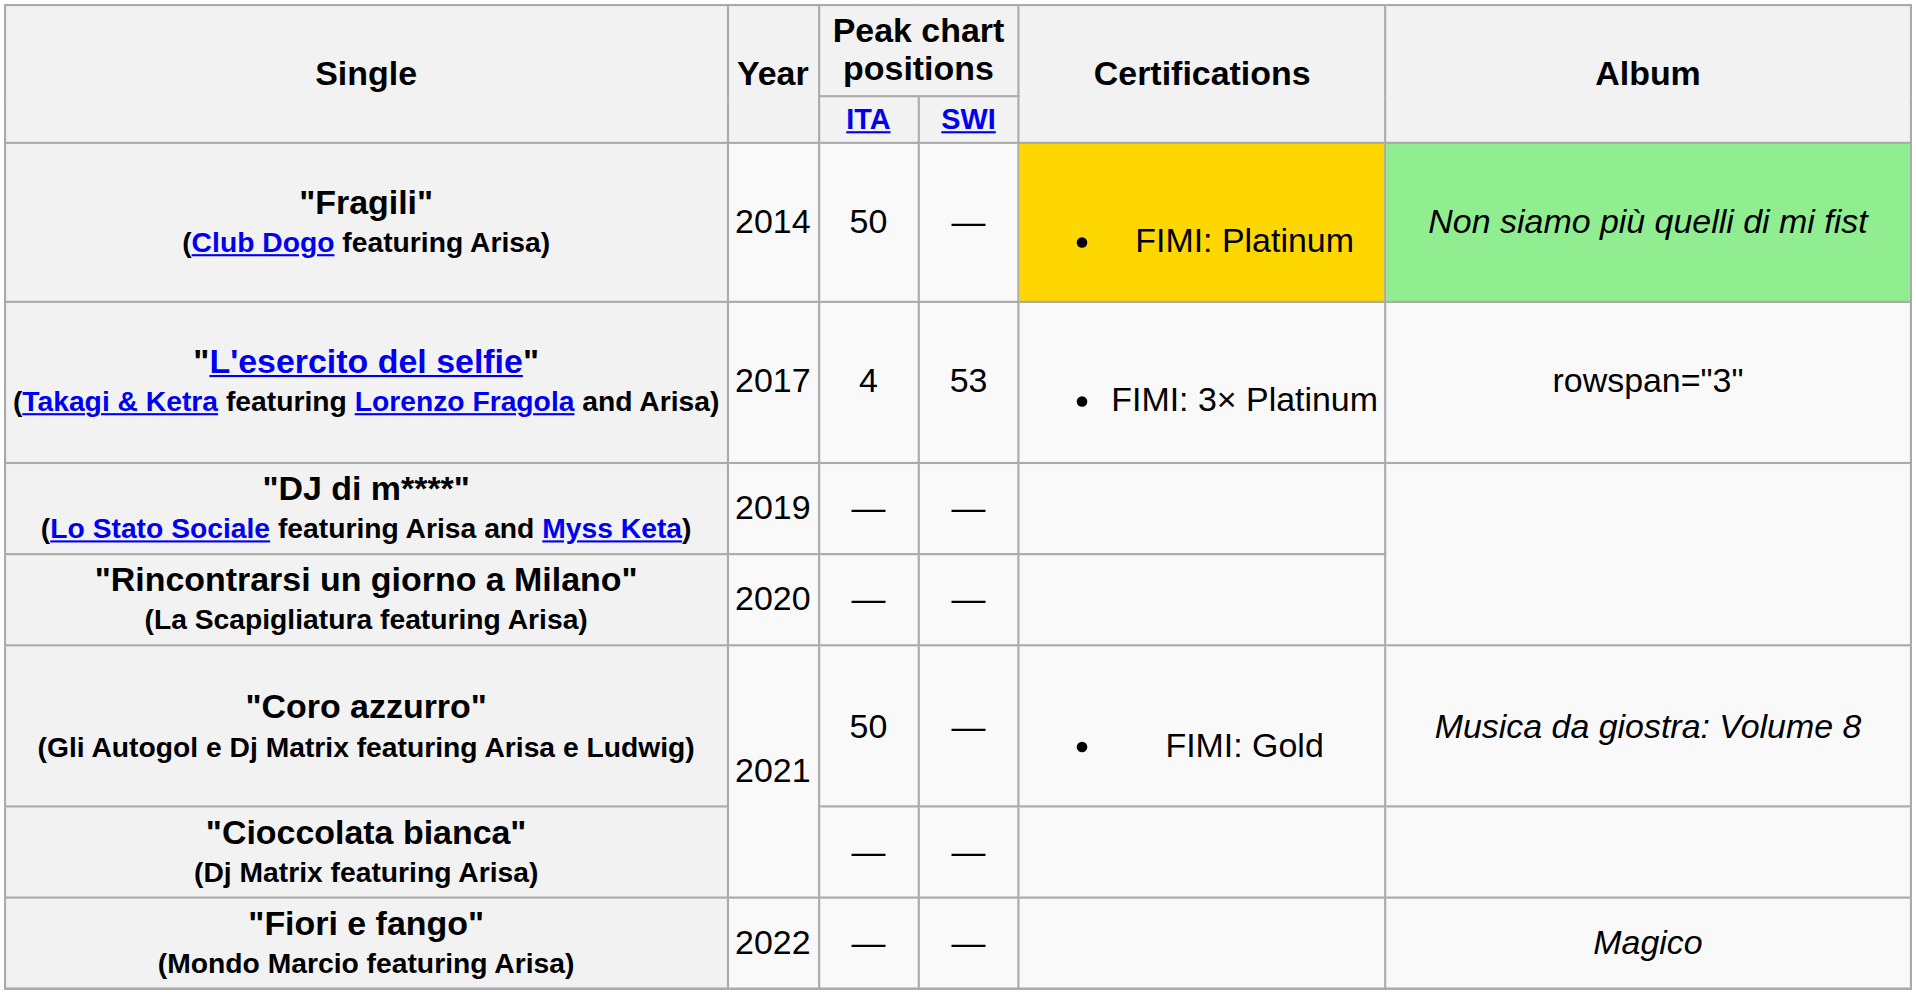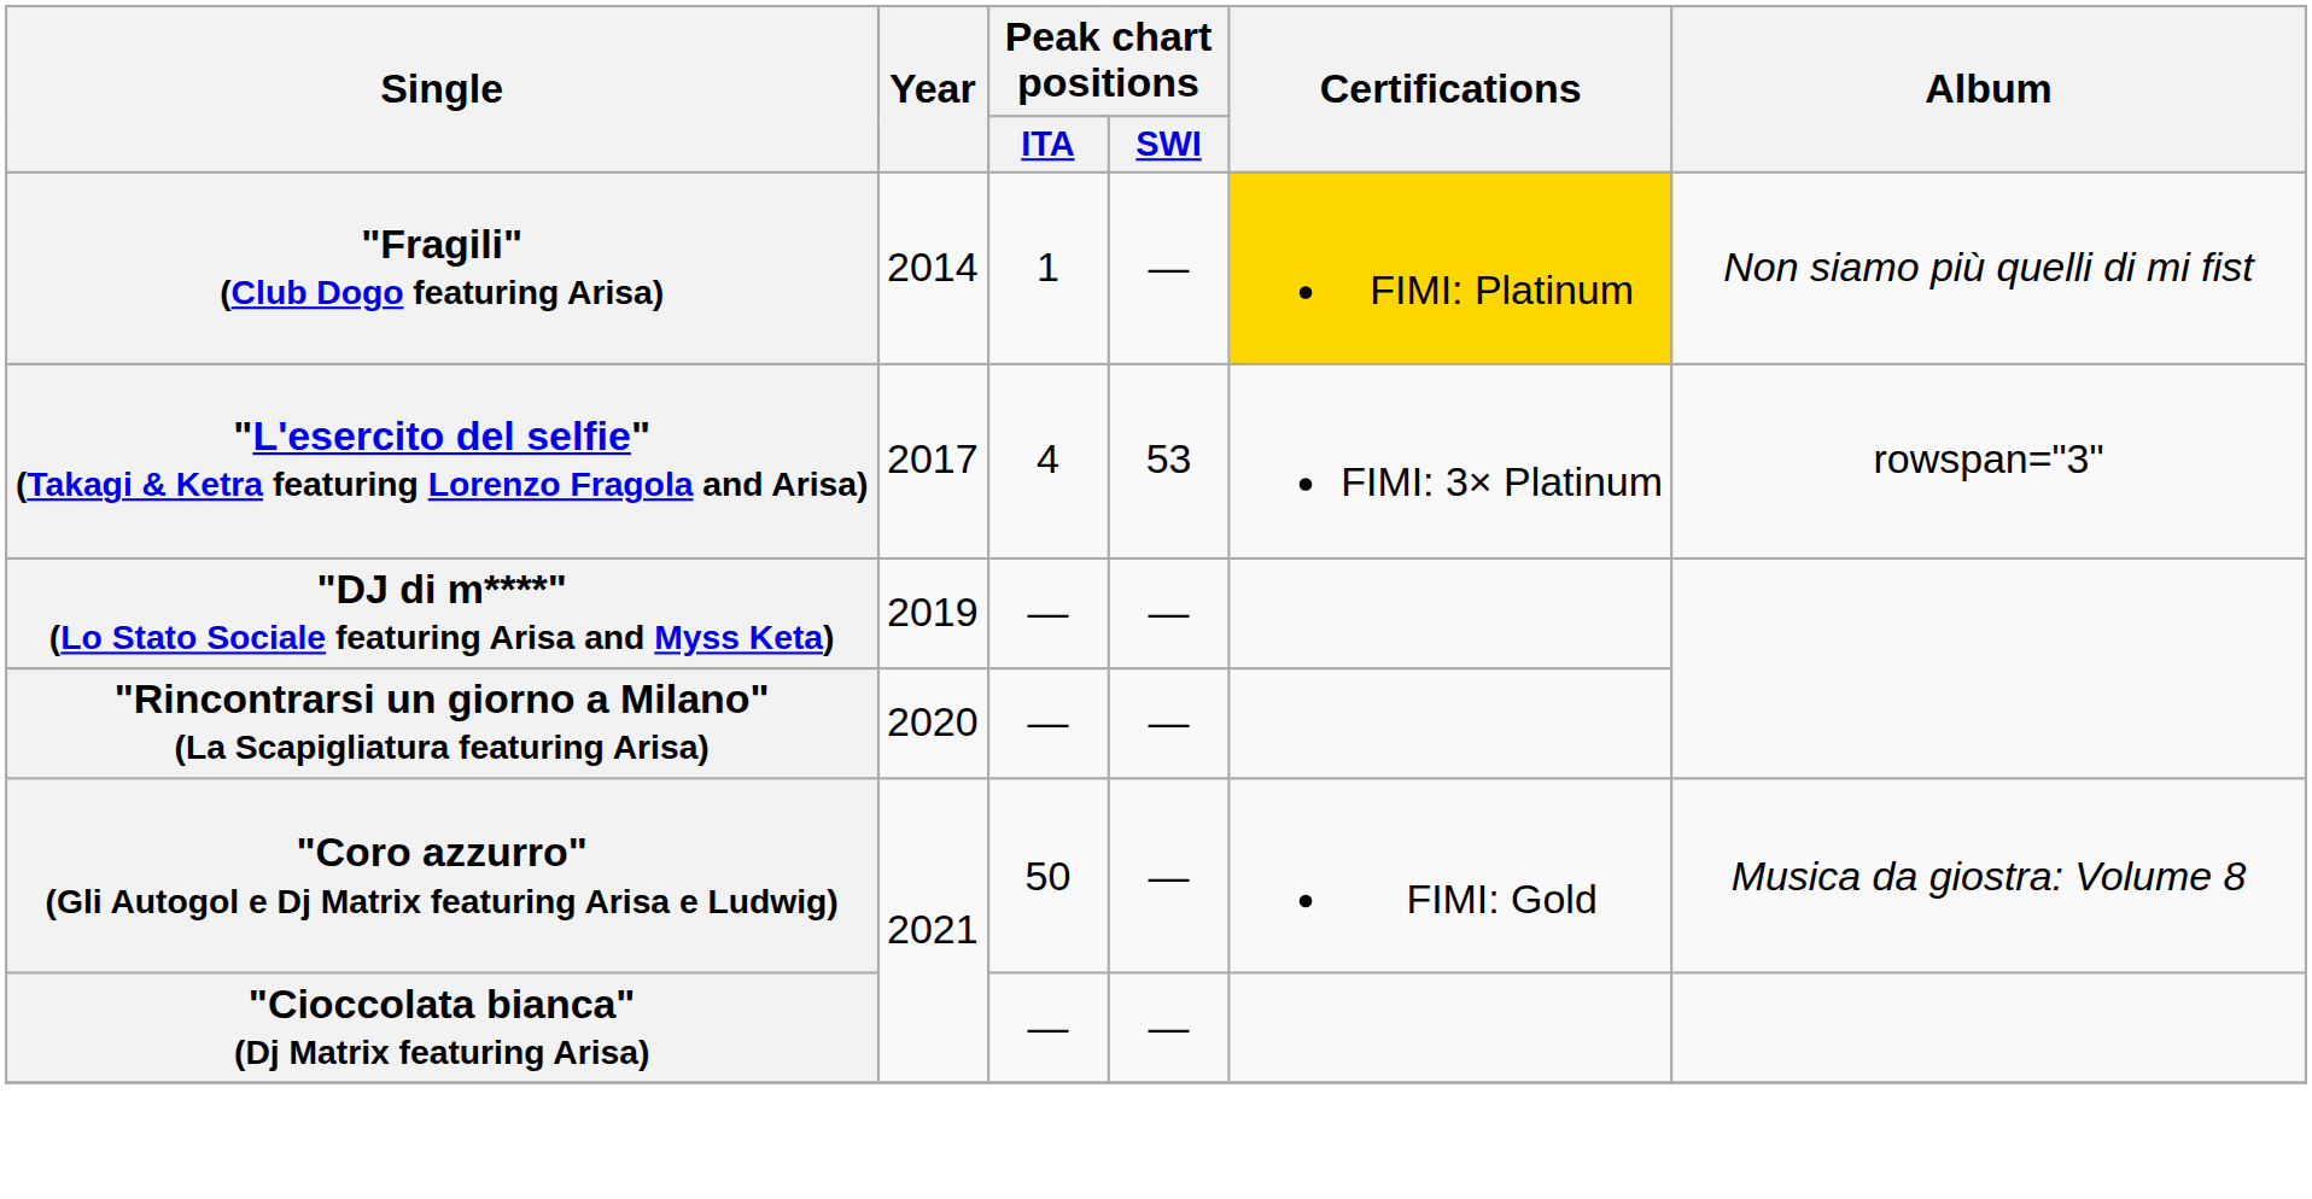 <table class="wikitable plainrowheaders" style="text-align:center;" border="1">
 <tr>
 <th scope="col" rowspan="2">Single</th>
 <th scope="col" rowspan="2">Year</th>
 <th scope="col" colspan="2">Peak chart positions</th>
 <th scope="col" rowspan="2">Certifications</th>
 <th scope="col" rowspan="2" style="width:15em;">Album</th>
 </tr>
 <tr>
 <th scope="col" style="width:3em;font-size:85%;"><a href='#'>ITA</a><br></th>
 <th scope="col" style="width:3em;font-size:85%;"><a href='#'>SWI</a><br></th>
 </tr>
 <tr>
 <th scope="row">"Fragili"<br><small>(<a href='#'>Club Dogo</a> featuring Arisa)</small></th>
 <td>2014</td>
-<td>50</td>
+<td>1</td>
 <td>—</td>
 <td style="background: gold;"><br><ul><li>FIMI: Platinum</li></ul></td>
-<td style="background: lightgreen;"><em>Non siamo più quelli di mi fist</em></td>
+<td><em>Non siamo più quelli di mi fist</em></td>
 </tr>
 <tr>
 <th scope="row">"<a href='#'>L'esercito del selfie</a>"<br><small>(<a href='#'>Takagi & Ketra</a> featuring <a href='#'>Lorenzo Fragola</a> and Arisa)</small></th>
 <td>2017</td>
 <td>4</td>
 <td>53</td>
 <td><br><ul><li>FIMI: 3× Platinum</li></ul></td>
 <td>rowspan="3" </td>
 </tr>
 <tr>
 <th scope="row">"DJ di m****"<br><small>(<a href='#'>Lo Stato Sociale</a> featuring Arisa and <a href='#'>Myss Keta</a>)</small></th>
 <td>2019</td>
 <td>—</td>
 <td>—</td>
 <td></td>
 </tr>
 <tr>
 <th scope="row">"Rincontrarsi un giorno a Milano"<br><small>(La Scapigliatura featuring Arisa)</small></th>
 <td>2020</td>
 <td>—</td>
 <td>—</td>
 <td></td>
 </tr>
 <tr>
 <th scope="row">"Coro azzurro"<br><small>(Gli Autogol e Dj Matrix featuring Arisa e Ludwig)</small></th>
 <td rowspan="2">2021</td>
 <td>50</td>
 <td>—</td>
 <td><br><ul><li>FIMI: Gold</li></ul></td>
 <td><em>Musica da giostra: Volume 8</em></td>
 </tr>
 <tr>
 <th scope="row">"Cioccolata bianca"<br><small>(Dj Matrix featuring Arisa)</small></th>
 <td>—</td>
 <td>—</td>
 <td></td>
 <td></td>
 </tr>
 <tr>
-<th scope="row">"Fiori e fango"<br><small>(Mondo Marcio featuring Arisa)</small></th>
-<td>2022</td>
-<td>—</td>
-<td>—</td>
-<td></td>
-<td><em>Magico</em></td>
-</tr>
-<tr>
 </tr>
 </table>
